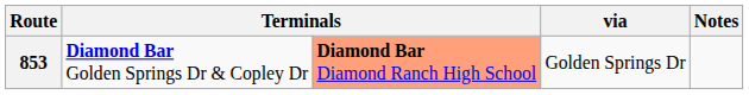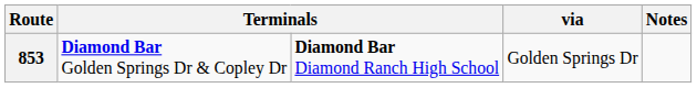 <table class=wikitable style="font-size: 95%;" |>
 <tr>
 <th>Route</th>
 <th colspan=2>Terminals</th>
 <th>via</th>
 <th>Notes</th>
 </tr>
 <tr>
 <th>853</th>
 <td><strong><a href='#'>Diamond Bar</a></strong><br>Golden Springs Dr & Copley Dr</td>
-<td style="background: lightsalmon;"><strong>Diamond Bar</strong><br><a href='#'>Diamond Ranch High School</a></td>
+<td><strong>Diamond Bar</strong><br><a href='#'>Diamond Ranch High School</a></td>
 <td>Golden Springs Dr</td>
 <td></td>
 </tr>
 </table>
